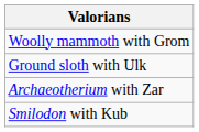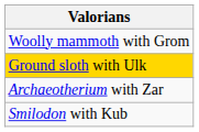 <table class="wikitable" style="border:1px solid darkgrey;">
 <tr>
 <th>Valorians</th>
 </tr>
 <tr>
 <td><a href='#'>Woolly mammoth</a> with Grom</td>
 </tr>
 <tr>
-<td><a href='#'>Ground sloth</a> with Ulk</td>
+<td style="background: gold;"><a href='#'>Ground sloth</a> with Ulk</td>
 </tr>
 <tr>
 <td><em><a href='#'>Archaeotherium</a></em> with Zar</td>
 </tr>
 <tr>
 <td><em><a href='#'>Smilodon</a></em> with Kub</td>
 </tr>
 </table>
